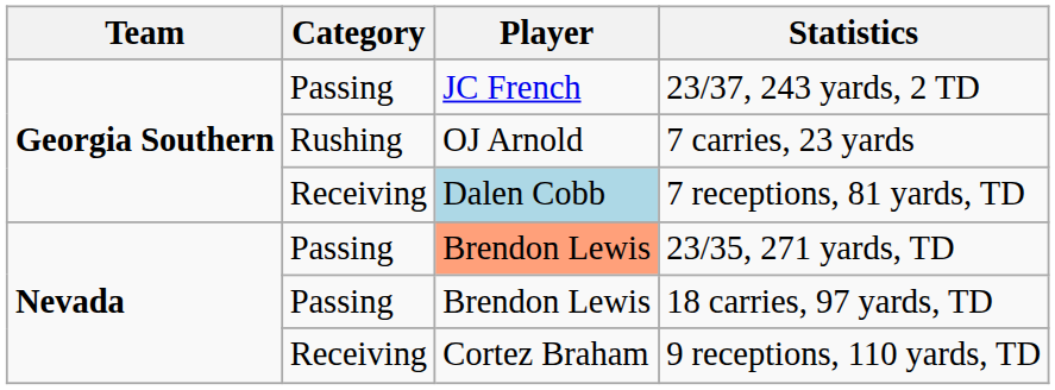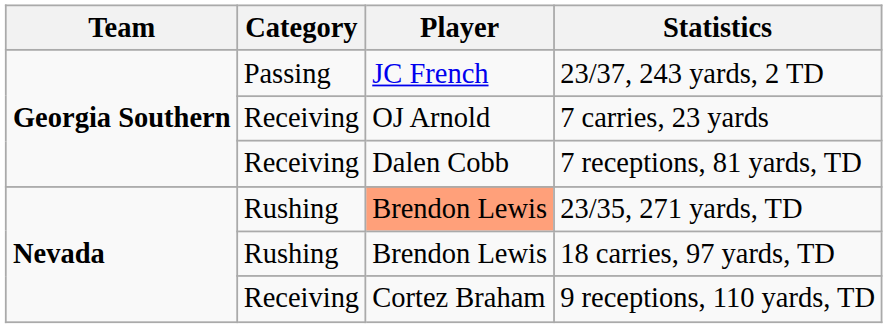 <table class="wikitable" style="float: right;">
 <tr>
 <th>Team</th>
 <th>Category</th>
 <th>Player</th>
 <th>Statistics</th>
 </tr>
 <tr>
 <td rowspan=3><strong>Georgia Southern</strong></td>
 <td>Passing</td>
 <td><a href='#'>JC French</a></td>
 <td>23/37, 243 yards, 2 TD</td>
 </tr>
 <tr>
-<td>Rushing</td>
+<td>Receiving</td>
 <td>OJ Arnold</td>
 <td>7 carries, 23 yards</td>
 </tr>
 <tr>
 <td>Receiving</td>
-<td style="background: lightblue;">Dalen Cobb</td>
+<td>Dalen Cobb</td>
 <td>7 receptions, 81 yards, TD</td>
 </tr>
 <tr>
 <td rowspan=3><strong>Nevada</strong></td>
-<td>Passing</td>
+<td>Rushing</td>
 <td style="background: lightsalmon;">Brendon Lewis</td>
 <td>23/35, 271 yards, TD</td>
 </tr>
 <tr>
-<td>Passing</td>
+<td>Rushing</td>
 <td>Brendon Lewis</td>
 <td>18 carries, 97 yards, TD</td>
 </tr>
 <tr>
 <td>Receiving</td>
 <td>Cortez Braham</td>
 <td>9 receptions, 110 yards, TD</td>
 </tr>
 </table>
